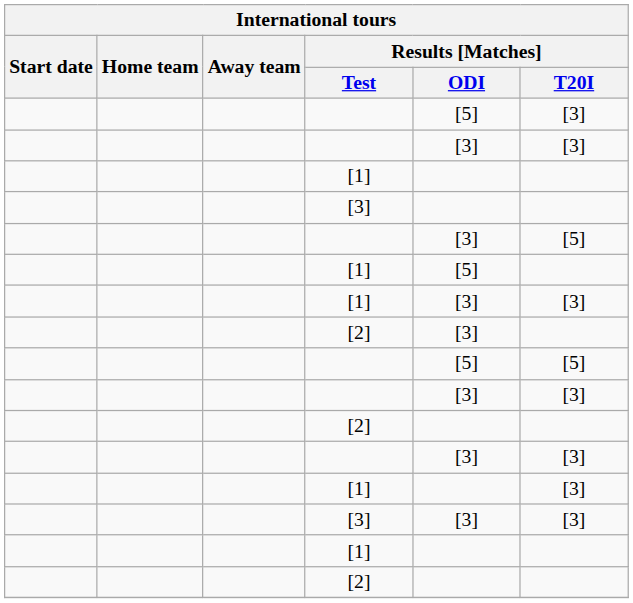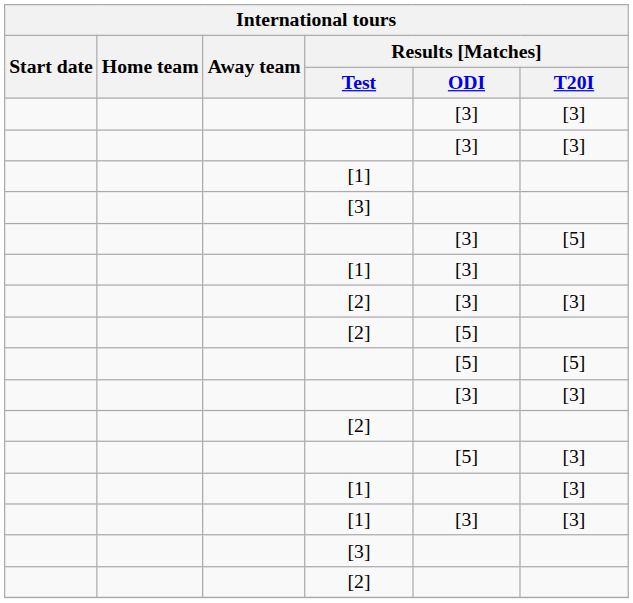 <table class="wikitable" style="text-align:center; white-space:nowrap">
 <tr>
 <th colspan=6>International tours</th>
 </tr>
 <tr>
 <th rowspan=2>Start date</th>
 <th rowspan=2>Home team</th>
 <th rowspan=2>Away team</th>
 <th colspan=3>Results [Matches]</th>
 </tr>
 <tr>
 <th width=80><a href='#'>Test</a></th>
 <th width=80><a href='#'>ODI</a></th>
 <th width=80><a href='#'>T20I</a></th>
 </tr>
 <tr>
 <td style="text-align:left"><a href='#'></a></td>
 <td style="text-align:left"></td>
 <td style="text-align:left"></td>
 <td></td>
-<td>[5]</td>
+<td>[3]</td>
 <td>[3]</td>
 </tr>
 <tr>
 <td style="text-align:left"><a href='#'></a></td>
 <td style="text-align:left"></td>
 <td style="text-align:left"></td>
 <td></td>
 <td>[3]</td>
 <td>[3]</td>
 </tr>
 <tr>
 <td style="text-align:left"><a href='#'></a></td>
 <td style="text-align:left"></td>
 <td style="text-align:left"></td>
 <td>[1]</td>
 <td></td>
 <td></td>
 </tr>
 <tr>
 <td style="text-align:left"><a href='#'></a></td>
 <td style="text-align:left"></td>
 <td style="text-align:left"></td>
 <td>[3]</td>
 <td></td>
 <td></td>
 </tr>
 <tr>
 <td style="text-align:left"><a href='#'></a></td>
 <td style="text-align:left"></td>
 <td style="text-align:left"></td>
 <td></td>
 <td>[3]</td>
 <td>[5]</td>
 </tr>
 <tr>
 <td style="text-align:left"><a href='#'></a></td>
 <td style="text-align:left"></td>
 <td style="text-align:left"></td>
 <td>[1]</td>
-<td>[5]</td>
+<td>[3]</td>
 <td></td>
 </tr>
 <tr>
 <td style="text-align:left"><a href='#'></a></td>
 <td style="text-align:left"></td>
 <td style="text-align:left"></td>
-<td>[1]</td>
+<td>[2]</td>
 <td>[3]</td>
 <td>[3]</td>
 </tr>
 <tr>
 <td style="text-align:left"><a href='#'></a></td>
 <td style="text-align:left"></td>
 <td style="text-align:left"></td>
 <td>[2]</td>
-<td>[3]</td>
+<td>[5]</td>
 <td></td>
 </tr>
 <tr>
 <td style="text-align:left"><a href='#'></a></td>
 <td style="text-align:left"></td>
 <td style="text-align:left"></td>
 <td></td>
 <td>[5]</td>
 <td>[5]</td>
 </tr>
 <tr>
 <td style="text-align:left"><a href='#'></a></td>
 <td style="text-align:left"></td>
 <td style="text-align:left"></td>
 <td></td>
 <td>[3]</td>
 <td>[3]</td>
 </tr>
 <tr>
 <td style="text-align:left"><a href='#'></a></td>
 <td style="text-align:left"></td>
 <td style="text-align:left"></td>
 <td>[2]</td>
 <td></td>
 <td></td>
 </tr>
 <tr>
 <td style="text-align:left"><a href='#'></a></td>
 <td style="text-align:left"></td>
 <td style="text-align:left"></td>
 <td></td>
-<td>[3]</td>
+<td>[5]</td>
 <td>[3]</td>
 </tr>
 <tr>
 <td style="text-align:left"><a href='#'></a></td>
 <td style="text-align:left"></td>
 <td style="text-align:left"></td>
 <td>[1]</td>
 <td></td>
 <td>[3]</td>
 </tr>
 <tr>
 <td style="text-align:left"><a href='#'></a></td>
 <td style="text-align:left"></td>
 <td style="text-align:left"></td>
-<td>[3]</td>
+<td>[1]</td>
 <td>[3]</td>
 <td>[3]</td>
 </tr>
 <tr>
 <td style="text-align:left"><a href='#'></a></td>
 <td style="text-align:left"></td>
 <td style="text-align:left"></td>
-<td>[1]</td>
+<td>[3]</td>
 <td></td>
 <td></td>
 </tr>
 <tr>
 <td style="text-align:left"><a href='#'></a></td>
 <td style="text-align:left"></td>
 <td style="text-align:left"></td>
 <td>[2]</td>
 <td></td>
 <td></td>
 </tr>
 <tr>
 </tr>
 </table>
